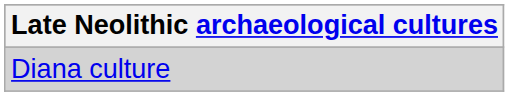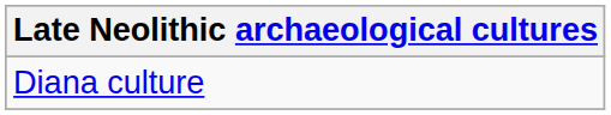 <table class="wikitable">
 <tr>
 <th>Late Neolithic <a href='#'>archaeological cultures</a></th>
 </tr>
 <tr>
-<td style="background: lightgrey;"><a href='#'>Diana culture</a></td>
+<td><a href='#'>Diana culture</a></td>
 </tr>
 </table>
